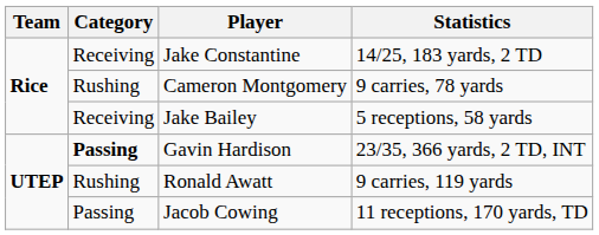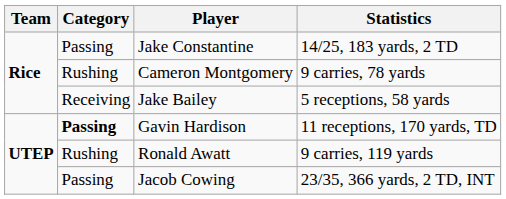 <table class="wikitable" style="float: left;">
 <tr>
 <th>Team</th>
 <th>Category</th>
 <th>Player</th>
 <th>Statistics</th>
 </tr>
 <tr>
 <td rowspan=3><strong>Rice</strong></td>
-<td>Receiving</td>
+<td>Passing</td>
 <td>Jake Constantine</td>
 <td>14/25, 183 yards, 2 TD</td>
 </tr>
 <tr>
 <td>Rushing</td>
 <td>Cameron Montgomery</td>
 <td>9 carries, 78 yards</td>
 </tr>
 <tr>
 <td>Receiving</td>
 <td>Jake Bailey</td>
 <td>5 receptions, 58 yards</td>
 </tr>
 <tr>
 <td rowspan=3><strong>UTEP</strong></td>
 <td><strong>Passing</strong></td>
 <td>Gavin Hardison</td>
-<td>23/35, 366 yards, 2 TD, INT</td>
+<td>11 receptions, 170 yards, TD</td>
 </tr>
 <tr>
 <td>Rushing</td>
 <td>Ronald Awatt</td>
 <td>9 carries, 119 yards</td>
 </tr>
 <tr>
 <td>Passing</td>
 <td>Jacob Cowing</td>
-<td>11 receptions, 170 yards, TD</td>
+<td>23/35, 366 yards, 2 TD, INT</td>
 </tr>
 </table>
